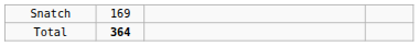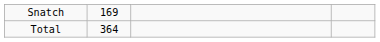 <table class = "wikitable" style="text-align:center;">
 <tr>
 <td width=100>Snatch</td>
 <td width=50>169</td>
 <td width=250 align=left></td>
 <td width=50></td>
 </tr>
 <tr>
 <td>Total</td>
-<td><strong>364</strong></td>
+<td>364</td>
 <td align=left></td>
 <td></td>
 </tr>
 </table>
